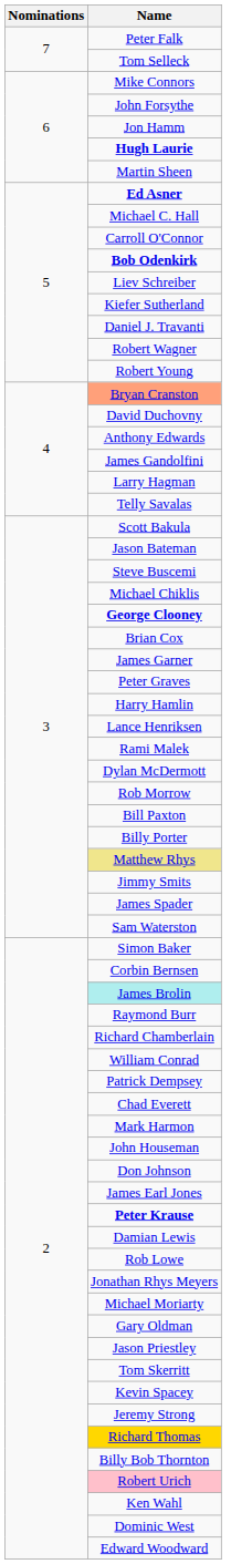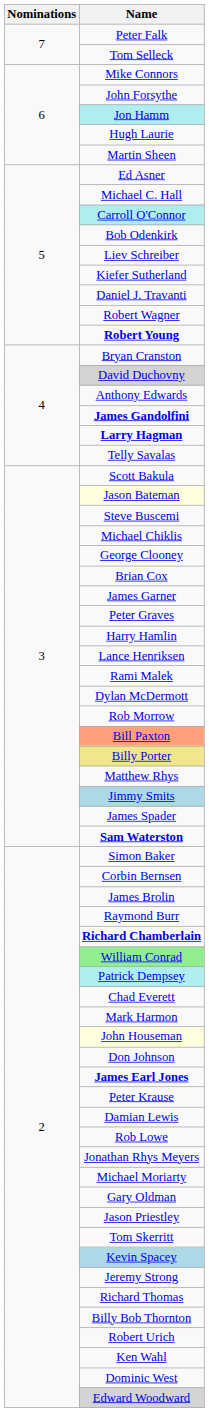 <table class="wikitable sortable" style="text-align: center;">
 <tr>
 <th scope="col" width="55">Nominations</th>
 <th scope="col" align="center">Name</th>
 </tr>
 <tr>
 <td rowspan=2>7</td>
 <td><a href='#'>Peter Falk</a></td>
 </tr>
 <tr>
 <td><a href='#'>Tom Selleck</a></td>
 </tr>
 <tr>
 <td rowspan=5>6</td>
 <td><a href='#'>Mike Connors</a></td>
 </tr>
 <tr>
 <td><a href='#'>John Forsythe</a></td>
 </tr>
 <tr>
-<td><a href='#'>Jon Hamm</a></td>
+<td style="background: paleturquoise;"><a href='#'>Jon Hamm</a></td>
 </tr>
 <tr>
-<td><strong><a href='#'>Hugh Laurie</a></strong></td>
+<td><a href='#'>Hugh Laurie</a></td>
 </tr>
 <tr>
 <td><a href='#'>Martin Sheen</a></td>
 </tr>
 <tr>
 <td rowspan=9>5</td>
-<td><strong><a href='#'>Ed Asner</a></strong></td>
+<td><a href='#'>Ed Asner</a></td>
 </tr>
 <tr>
 <td><a href='#'>Michael C. Hall</a></td>
 </tr>
 <tr>
-<td><a href='#'>Carroll O'Connor</a></td>
+<td style="background: paleturquoise;"><a href='#'>Carroll O'Connor</a></td>
 </tr>
 <tr>
-<td><strong><a href='#'>Bob Odenkirk</a></strong></td>
+<td><a href='#'>Bob Odenkirk</a></td>
 </tr>
 <tr>
 <td><a href='#'>Liev Schreiber</a></td>
 </tr>
 <tr>
 <td><a href='#'>Kiefer Sutherland</a></td>
 </tr>
 <tr>
 <td><a href='#'>Daniel J. Travanti</a></td>
 </tr>
 <tr>
 <td><a href='#'>Robert Wagner</a></td>
 </tr>
 <tr>
-<td><a href='#'>Robert Young</a></td>
+<td><strong><a href='#'>Robert Young</a></strong></td>
 </tr>
 <tr>
 <td rowspan=6>4</td>
-<td style="background: lightsalmon;"><a href='#'>Bryan Cranston</a></td>
+<td><a href='#'>Bryan Cranston</a></td>
 </tr>
 <tr>
-<td><a href='#'>David Duchovny</a></td>
+<td style="background: lightgrey;"><a href='#'>David Duchovny</a></td>
 </tr>
 <tr>
 <td><a href='#'>Anthony Edwards</a></td>
 </tr>
 <tr>
-<td><a href='#'>James Gandolfini</a></td>
+<td><strong><a href='#'>James Gandolfini</a></strong></td>
 </tr>
 <tr>
-<td><a href='#'>Larry Hagman</a></td>
+<td><strong><a href='#'>Larry Hagman</a></strong></td>
 </tr>
 <tr>
 <td><a href='#'>Telly Savalas</a></td>
 </tr>
 <tr>
 <td rowspan=19>3</td>
 <td><a href='#'>Scott Bakula</a></td>
 </tr>
 <tr>
-<td><a href='#'>Jason Bateman</a></td>
+<td style="background: lightyellow;"><a href='#'>Jason Bateman</a></td>
 </tr>
 <tr>
 <td><a href='#'>Steve Buscemi</a></td>
 </tr>
 <tr>
 <td><a href='#'>Michael Chiklis</a></td>
 </tr>
 <tr>
-<td><strong><a href='#'>George Clooney</a></strong></td>
+<td><a href='#'>George Clooney</a></td>
 </tr>
 <tr>
 <td><a href='#'>Brian Cox</a></td>
 </tr>
 <tr>
 <td><a href='#'>James Garner</a></td>
 </tr>
 <tr>
 <td><a href='#'>Peter Graves</a></td>
 </tr>
 <tr>
 <td><a href='#'>Harry Hamlin</a></td>
 </tr>
 <tr>
 <td><a href='#'>Lance Henriksen</a></td>
 </tr>
 <tr>
 <td><a href='#'>Rami Malek</a></td>
 </tr>
 <tr>
 <td><a href='#'>Dylan McDermott</a></td>
 </tr>
 <tr>
 <td><a href='#'>Rob Morrow</a></td>
 </tr>
 <tr>
-<td><a href='#'>Bill Paxton</a></td>
+<td style="background: lightsalmon;"><a href='#'>Bill Paxton</a></td>
 </tr>
 <tr>
-<td><a href='#'>Billy Porter</a></td>
+<td style="background: khaki;"><a href='#'>Billy Porter</a></td>
 </tr>
 <tr>
-<td style="background: khaki;"><a href='#'>Matthew Rhys</a></td>
+<td><a href='#'>Matthew Rhys</a></td>
 </tr>
 <tr>
-<td><a href='#'>Jimmy Smits</a></td>
+<td style="background: lightblue;"><a href='#'>Jimmy Smits</a></td>
 </tr>
 <tr>
 <td><a href='#'>James Spader</a></td>
 </tr>
 <tr>
-<td><a href='#'>Sam Waterston</a></td>
+<td><strong><a href='#'>Sam Waterston</a></strong></td>
 </tr>
 <tr>
 <td rowspan=29>2</td>
 <td><a href='#'>Simon Baker</a></td>
 </tr>
 <tr>
 <td><a href='#'>Corbin Bernsen</a></td>
 </tr>
 <tr>
-<td style="background: paleturquoise;"><a href='#'>James Brolin</a></td>
+<td><a href='#'>James Brolin</a></td>
 </tr>
 <tr>
 <td><a href='#'>Raymond Burr</a></td>
 </tr>
 <tr>
-<td><a href='#'>Richard Chamberlain</a></td>
+<td><strong><a href='#'>Richard Chamberlain</a></strong></td>
 </tr>
 <tr>
-<td><a href='#'>William Conrad</a></td>
+<td style="background: lightgreen;"><a href='#'>William Conrad</a></td>
 </tr>
 <tr>
-<td><a href='#'>Patrick Dempsey</a></td>
+<td style="background: paleturquoise;"><a href='#'>Patrick Dempsey</a></td>
 </tr>
 <tr>
 <td><a href='#'>Chad Everett</a></td>
 </tr>
 <tr>
 <td><a href='#'>Mark Harmon</a></td>
 </tr>
 <tr>
-<td><a href='#'>John Houseman</a></td>
+<td style="background: lightyellow;"><a href='#'>John Houseman</a></td>
 </tr>
 <tr>
 <td><a href='#'>Don Johnson</a></td>
 </tr>
 <tr>
-<td><a href='#'>James Earl Jones</a></td>
+<td><strong><a href='#'>James Earl Jones</a></strong></td>
 </tr>
 <tr>
-<td><strong><a href='#'>Peter Krause</a></strong></td>
+<td><a href='#'>Peter Krause</a></td>
 </tr>
 <tr>
 <td><a href='#'>Damian Lewis</a></td>
 </tr>
 <tr>
 <td><a href='#'>Rob Lowe</a></td>
 </tr>
 <tr>
 <td><a href='#'>Jonathan Rhys Meyers</a></td>
 </tr>
 <tr>
 <td><a href='#'>Michael Moriarty</a></td>
 </tr>
 <tr>
 <td><a href='#'>Gary Oldman</a></td>
 </tr>
 <tr>
 <td><a href='#'>Jason Priestley</a></td>
 </tr>
 <tr>
 <td><a href='#'>Tom Skerritt</a></td>
 </tr>
 <tr>
-<td><a href='#'>Kevin Spacey</a></td>
+<td style="background: lightblue;"><a href='#'>Kevin Spacey</a></td>
 </tr>
 <tr>
 <td><a href='#'>Jeremy Strong</a></td>
 </tr>
 <tr>
-<td style="background: gold;"><a href='#'>Richard Thomas</a></td>
+<td><a href='#'>Richard Thomas</a></td>
 </tr>
 <tr>
 <td><a href='#'>Billy Bob Thornton</a></td>
 </tr>
 <tr>
-<td style="background: pink;"><a href='#'>Robert Urich</a></td>
+<td><a href='#'>Robert Urich</a></td>
 </tr>
 <tr>
 <td><a href='#'>Ken Wahl</a></td>
 </tr>
 <tr>
 <td><a href='#'>Dominic West</a></td>
 </tr>
 <tr>
-<td><a href='#'>Edward Woodward</a></td>
+<td style="background: lightgrey;"><a href='#'>Edward Woodward</a></td>
 </tr>
 </table>
